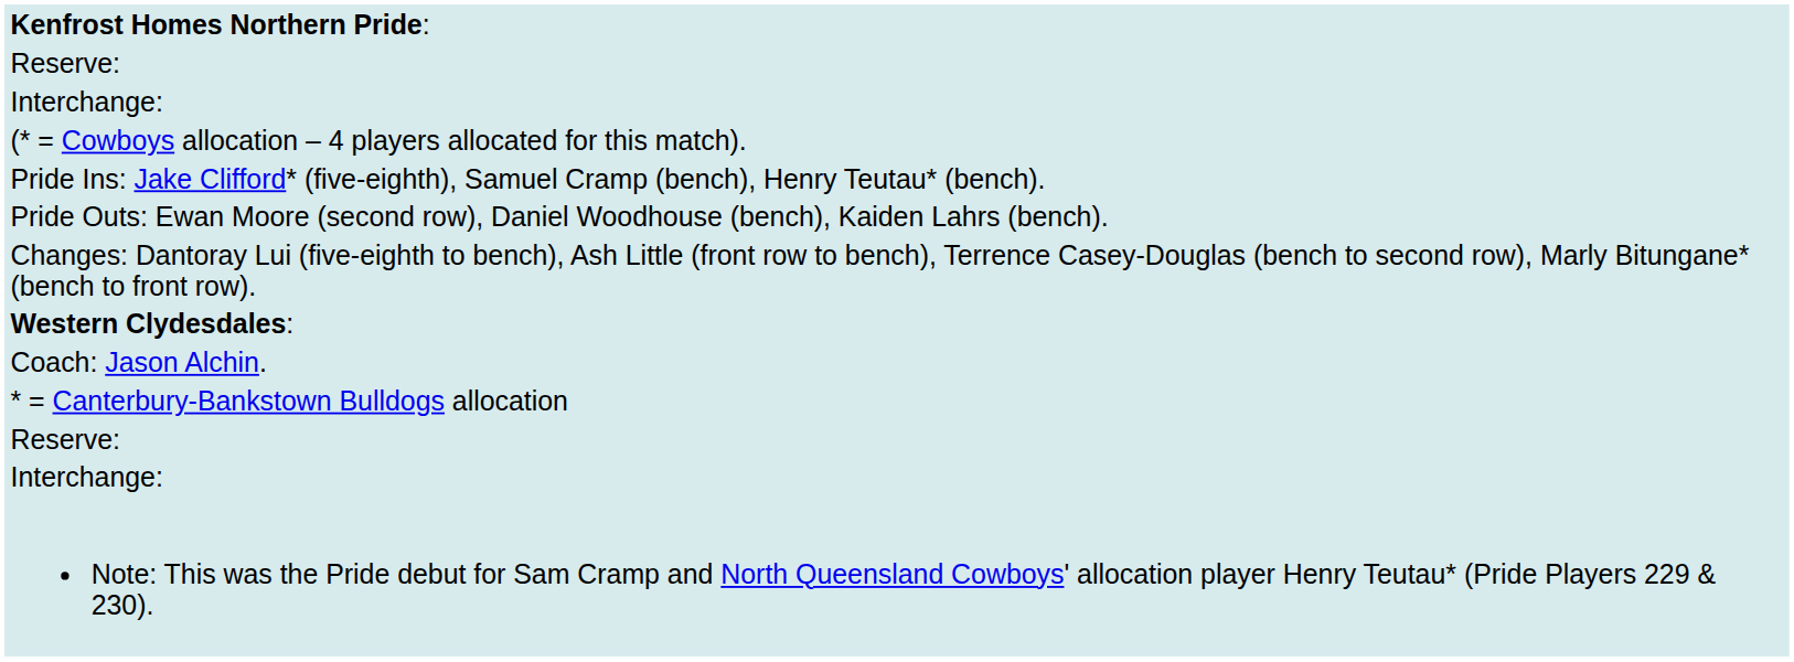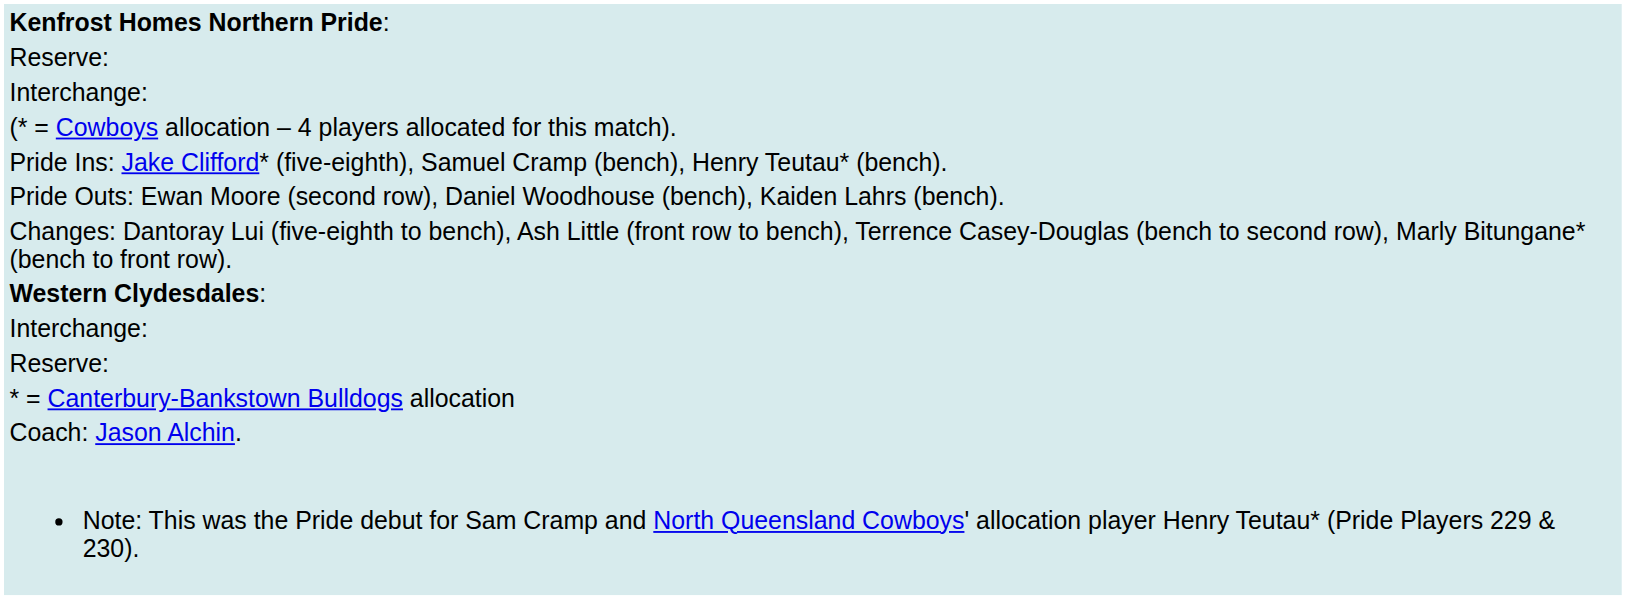 <table style="background:#d7ebed; font-size:85%; width:100%;">
 <tr>
 <td><strong>Kenfrost Homes Northern Pride</strong>:             </td>
 </tr>
 <tr>
 <td>Reserve: </td>
 </tr>
 <tr>
 <td>Interchange:    </td>
 </tr>
 <tr>
 <td>(* = <a href='#'>Cowboys</a> allocation – 4 players allocated for this match).</td>
 </tr>
 <tr>
 <td>Pride Ins: <a href='#'>Jake Clifford</a>* (five-eighth), Samuel Cramp (bench), Henry Teutau* (bench).</td>
 </tr>
 <tr>
 <td>Pride Outs: Ewan Moore (second row), Daniel Woodhouse (bench), Kaiden Lahrs (bench).</td>
 </tr>
 <tr>
 <td>Changes: Dantoray Lui (five-eighth to bench), Ash Little (front row to bench), Terrence Casey-Douglas (bench to second row), Marly Bitungane* (bench to front row).</td>
 </tr>
 <tr>
 <td><strong>Western Clydesdales</strong>:             </td>
 </tr>
 <tr>
-<td>Coach: <a href='#'>Jason Alchin</a>.</td>
+<td>Interchange:    </td>
+</tr>
+<tr>
+<td>Reserve: </td>
 </tr>
 <tr>
 <td>* = <a href='#'>Canterbury-Bankstown Bulldogs</a> allocation</td>
 </tr>
 <tr>
-<td>Reserve: </td>
-</tr>
-<tr>
-<td>Interchange:    </td>
+<td>Coach: <a href='#'>Jason Alchin</a>.</td>
 </tr>
 <tr>
 <td><br><ul><li>Note: This was the Pride debut for Sam Cramp and <a href='#'>North Queensland Cowboys</a>' allocation player Henry Teutau* (Pride Players 229 & 230).</li></ul></td>
 </tr>
 <tr>
 </tr>
 </table>
